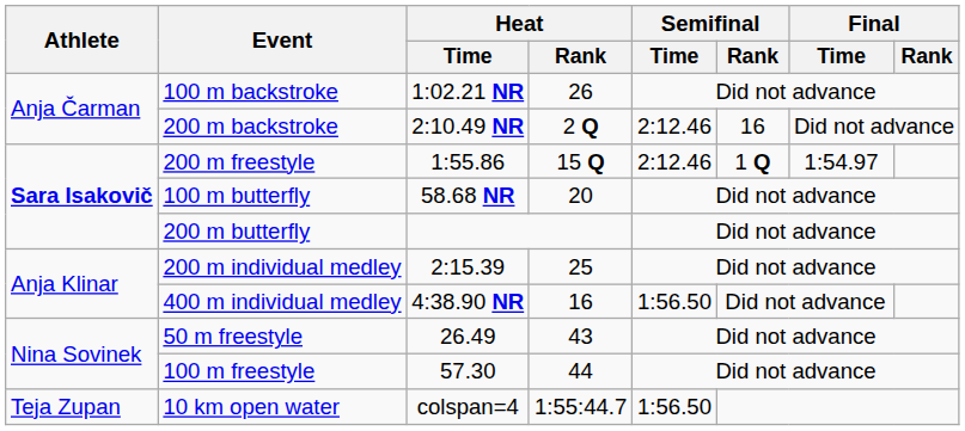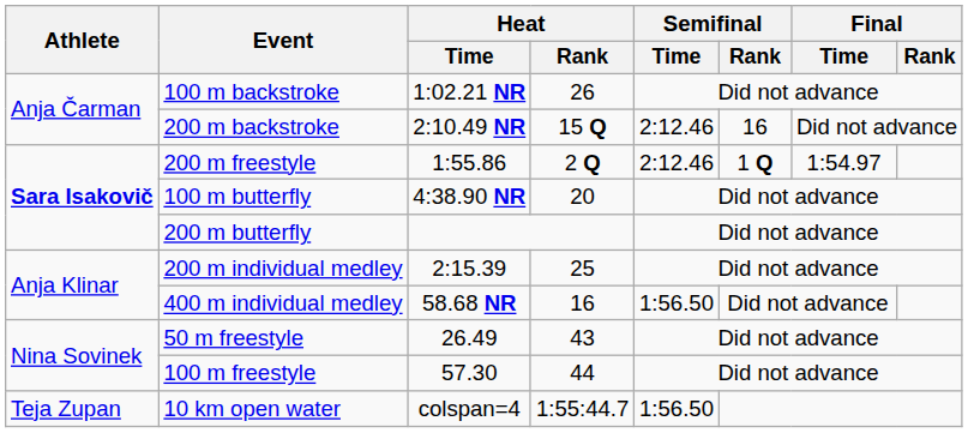 <table class=wikitable style="font-size:90%">
 <tr>
 <th rowspan="2">Athlete</th>
 <th rowspan="2">Event</th>
 <th colspan="2">Heat</th>
 <th colspan="2">Semifinal</th>
 <th colspan="2">Final</th>
 </tr>
 <tr style="font-size:95%">
 <th>Time</th>
 <th>Rank</th>
 <th>Time</th>
 <th>Rank</th>
 <th>Time</th>
 <th>Rank</th>
 </tr>
 <tr align=center>
 <td align=left rowspan=2><a href='#'>Anja Čarman</a></td>
 <td align=left><a href='#'>100 m backstroke</a></td>
 <td>1:02.21 <strong><a href='#'>NR</a></strong></td>
 <td>26</td>
 <td colspan=4>Did not advance</td>
 </tr>
 <tr align=center>
 <td align=left><a href='#'>200 m backstroke</a></td>
 <td>2:10.49 <strong><a href='#'>NR</a></strong></td>
-<td>2 <strong>Q</strong></td>
+<td>15 <strong>Q</strong></td>
 <td>2:12.46</td>
 <td>16</td>
 <td colspan=2>Did not advance</td>
 </tr>
 <tr align=center>
 <td align=left rowspan=3><strong><a href='#'>Sara Isakovič</a></strong></td>
 <td align=left><a href='#'>200 m freestyle</a></td>
 <td>1:55.86 </td>
-<td>15 <strong>Q</strong></td>
+<td>2 <strong>Q</strong></td>
 <td>2:12.46</td>
 <td>1 <strong>Q</strong></td>
 <td>1:54.97</td>
 <td></td>
 </tr>
 <tr align=center>
 <td align=left><a href='#'>100 m butterfly</a></td>
-<td>58.68 <strong><a href='#'>NR</a></strong></td>
+<td>4:38.90 <strong><a href='#'>NR</a></strong></td>
 <td>20</td>
 <td colspan=4>Did not advance</td>
 </tr>
 <tr align=center>
 <td align=left><a href='#'>200 m butterfly</a></td>
 <td colspan=2></td>
 <td colspan=4>Did not advance</td>
 </tr>
 <tr align=center>
 <td align=left rowspan=2><a href='#'>Anja Klinar</a></td>
 <td align=left><a href='#'>200 m individual medley</a></td>
 <td>2:15.39</td>
 <td>25</td>
 <td colspan=4>Did not advance</td>
 </tr>
 <tr align=center>
 <td align=left><a href='#'>400 m individual medley</a></td>
-<td>4:38.90 <strong><a href='#'>NR</a></strong></td>
+<td>58.68 <strong><a href='#'>NR</a></strong></td>
 <td>16</td>
 <td>1:56.50</td>
 <td colspan=2>Did not advance</td>
 </tr>
 <tr align=center>
 <td align=left rowspan=2><a href='#'>Nina Sovinek</a></td>
 <td align=left><a href='#'>50 m freestyle</a></td>
 <td>26.49</td>
 <td>43</td>
 <td colspan=4>Did not advance</td>
 </tr>
 <tr align=center>
 <td align=left><a href='#'>100 m freestyle</a></td>
 <td>57.30</td>
 <td>44</td>
 <td colspan=4>Did not advance</td>
 </tr>
 <tr align=center>
 <td align=left><a href='#'>Teja Zupan</a></td>
 <td align=left><a href='#'>10 km open water</a></td>
 <td>colspan=4 </td>
 <td>1:55:44.7</td>
 <td>1:56.50</td>
 </tr>
 </table>
